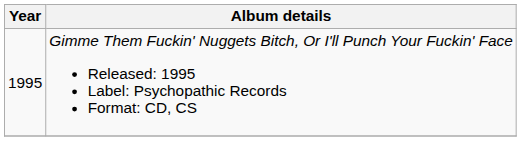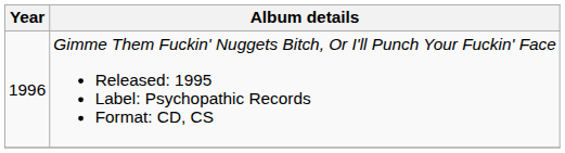 <table class="wikitable" style="text-align:center;">
 <tr>
 <th rowspan="1" width="30">Year</th>
 <th rowspan="1">Album details</th>
 </tr>
 <tr>
-<td>1995</td>
+<td>1996</td>
 <td align="left"><em>Gimme Them Fuckin' Nuggets Bitch, Or I'll Punch Your Fuckin' Face</em><br><ul><li>Released: 1995</li><li>Label: Psychopathic Records</li><li>Format: CD, CS</li></ul></td>
 </tr>
 <tr>
 </tr>
 </table>
